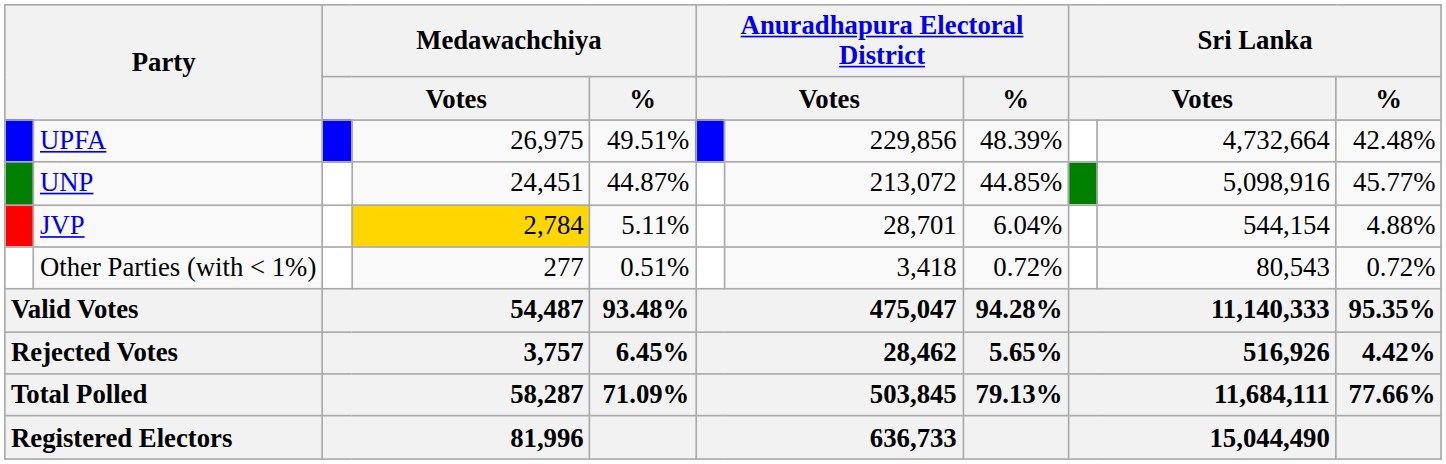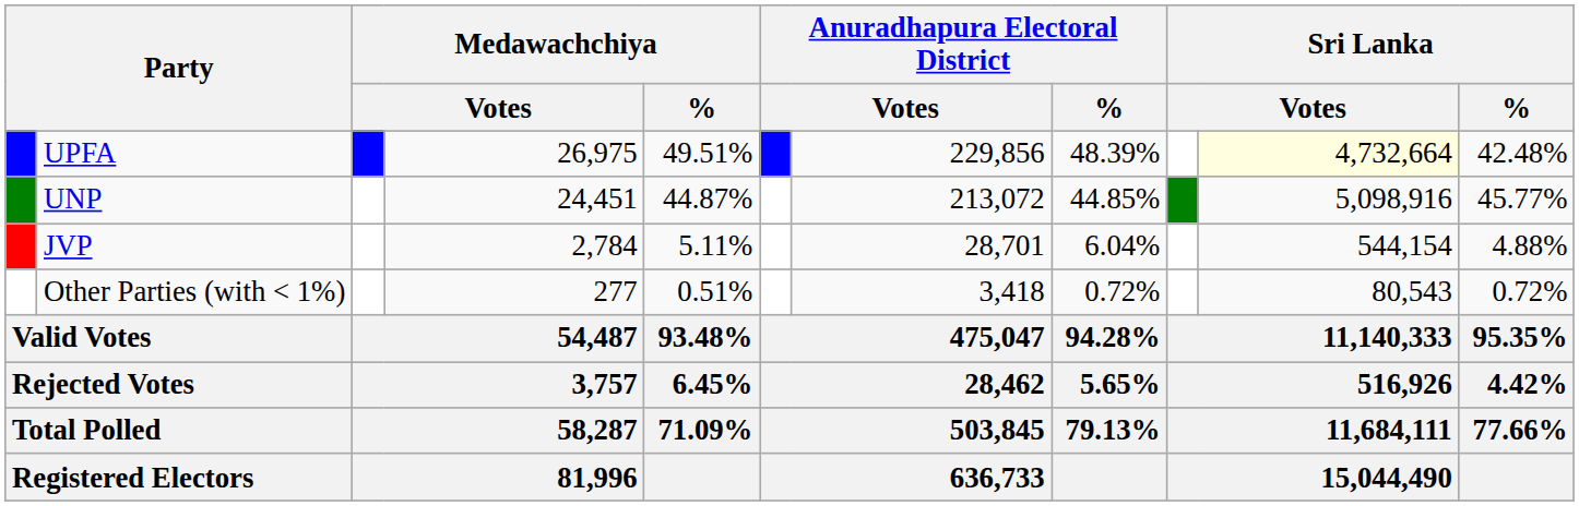 <table class="wikitable">
 <tr>
 <th colspan="2" width="144px"rowspan="2">Party</th>
 <th colspan="3" width="216px">Medawachchiya</th>
 <th colspan="3" width="216px"><a href='#'>Anuradhapura Electoral District</a></th>
 <th colspan="3" width="216px">Sri Lanka</th>
 </tr>
 <tr>
 <th colspan="2" width="144px">Votes</th>
 <th>%</th>
 <th colspan="2" width="144px">Votes</th>
 <th>%</th>
 <th colspan="2" width="144px">Votes</th>
 <th>%</th>
 </tr>
 <tr>
 <td style="background-color:blue;" width="10px"></td>
 <td style="text-align:left;"><a href='#'>UPFA</a></td>
 <td style="background-color:blue;" width="10px"></td>
 <td style="text-align:right;">26,975</td>
 <td style="text-align:right;">49.51%</td>
 <td style="background-color:blue;" width="10px"></td>
 <td style="text-align:right;">229,856</td>
 <td style="text-align:right;">48.39%</td>
 <td style="background-color:white;" width="10px"></td>
-<td style="text-align:right;">4,732,664</td>
+<td style="background: lightyellow; text-align:right;">4,732,664</td>
 <td style="text-align:right;">42.48%</td>
 </tr>
 <tr>
 <td style="background-color:green;" width="10px"></td>
 <td style="text-align:left;"><a href='#'>UNP</a></td>
 <td style="background-color:white;" width="10px"></td>
 <td style="text-align:right;">24,451</td>
 <td style="text-align:right;">44.87%</td>
 <td style="background-color:white;" width="10px"></td>
 <td style="text-align:right;">213,072</td>
 <td style="text-align:right;">44.85%</td>
 <td style="background-color:green;" width="10px"></td>
 <td style="text-align:right;">5,098,916</td>
 <td style="text-align:right;">45.77%</td>
 </tr>
 <tr>
 <td style="background-color:red;" width="10px"></td>
 <td style="text-align:left;"><a href='#'>JVP</a></td>
 <td style="background-color:white;" width="10px"></td>
-<td style="background: gold; text-align:right;">2,784</td>
+<td style="text-align:right;">2,784</td>
 <td style="text-align:right;">5.11%</td>
 <td style="background-color:white;" width="10px"></td>
 <td style="text-align:right;">28,701</td>
 <td style="text-align:right;">6.04%</td>
 <td style="background-color:white;" width="10px"></td>
 <td style="text-align:right;">544,154</td>
 <td style="text-align:right;">4.88%</td>
 </tr>
 <tr>
 <td style="background-color:white;" width="10px"></td>
 <td style="text-align:left;">Other Parties (with < 1%)</td>
 <td style="background-color:white;" width="10px"></td>
 <td style="text-align:right;">277</td>
 <td style="text-align:right;">0.51%</td>
 <td style="background-color:white;" width="10px"></td>
 <td style="text-align:right;">3,418</td>
 <td style="text-align:right;">0.72%</td>
 <td style="background-color:white;" width="10px"></td>
 <td style="text-align:right;">80,543</td>
 <td style="text-align:right;">0.72%</td>
 </tr>
 <tr>
 <th colspan="2" width="144px"style="text-align:left;">Valid Votes</th>
 <th style="text-align:right;"colspan="2" width="144px">54,487</th>
 <th style="text-align:right;">93.48%</th>
 <th style="text-align:right;"colspan="2" width="144px">475,047</th>
 <th style="text-align:right;">94.28%</th>
 <th style="text-align:right;"colspan="2" width="144px">11,140,333</th>
 <th style="text-align:right;">95.35%</th>
 </tr>
 <tr>
 <th colspan="2" width="144px"style="text-align:left;">Rejected Votes</th>
 <th style="text-align:right;"colspan="2" width="144px">3,757</th>
 <th style="text-align:right;">6.45%</th>
 <th style="text-align:right;"colspan="2" width="144px">28,462</th>
 <th style="text-align:right;">5.65%</th>
 <th style="text-align:right;"colspan="2" width="144px">516,926</th>
 <th style="text-align:right;">4.42%</th>
 </tr>
 <tr>
 <th colspan="2" width="144px"style="text-align:left;">Total Polled</th>
 <th style="text-align:right;"colspan="2" width="144px">58,287</th>
 <th style="text-align:right;">71.09%</th>
 <th style="text-align:right;"colspan="2" width="144px">503,845</th>
 <th style="text-align:right;">79.13%</th>
 <th style="text-align:right;"colspan="2" width="144px">11,684,111</th>
 <th style="text-align:right;">77.66%</th>
 </tr>
 <tr>
 <th colspan="2" width="144px"style="text-align:left;">Registered Electors</th>
 <th style="text-align:right;"colspan="2" width="144px">81,996</th>
 <th></th>
 <th style="text-align:right;"colspan="2" width="144px">636,733</th>
 <th></th>
 <th style="text-align:right;"colspan="2" width="144px">15,044,490</th>
 <th></th>
 </tr>
 </table>
